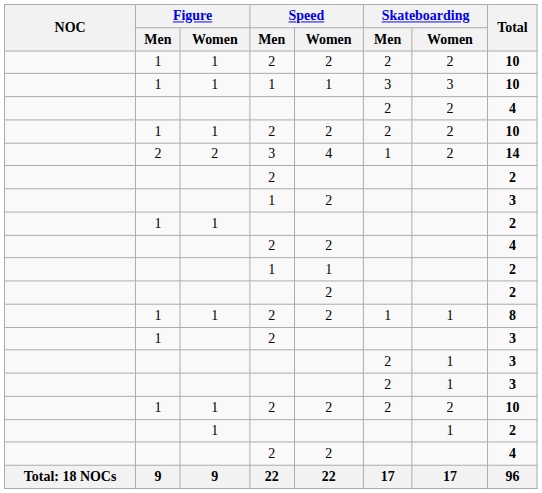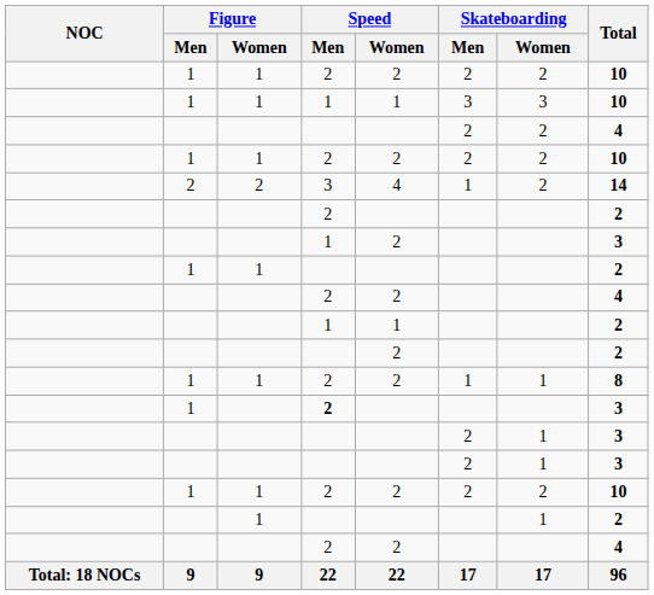 <table class="wikitable" width=550 style="text-align:center; font-size:90%">
 <tr>
 <th rowspan="2" align="left">NOC</th>
 <th colspan="2"><a href='#'>Figure</a></th>
 <th colspan="2"><a href='#'>Speed</a></th>
 <th colspan="2"><a href='#'>Skateboarding</a></th>
 <th rowspan="2">Total</th>
 </tr>
 <tr>
 <th>Men</th>
 <th>Women</th>
 <th>Men</th>
 <th>Women</th>
 <th>Men</th>
 <th>Women</th>
 </tr>
 <tr>
 <td align="left"></td>
 <td>1</td>
 <td>1</td>
 <td>2</td>
 <td>2</td>
 <td>2</td>
 <td>2</td>
 <td><strong>10</strong></td>
 </tr>
 <tr>
 <td align="left"></td>
 <td>1</td>
 <td>1</td>
 <td>1</td>
 <td>1</td>
 <td>3</td>
 <td>3</td>
 <td><strong>10</strong></td>
 </tr>
 <tr>
 <td align="left"></td>
 <td></td>
 <td></td>
 <td></td>
 <td></td>
 <td>2</td>
 <td>2</td>
 <td><strong>4</strong></td>
 </tr>
 <tr>
 <td align="left"></td>
 <td>1</td>
 <td>1</td>
 <td>2</td>
 <td>2</td>
 <td>2</td>
 <td>2</td>
 <td><strong>10</strong></td>
 </tr>
 <tr>
 <td align="left"></td>
 <td>2</td>
 <td>2</td>
 <td>3</td>
 <td>4</td>
 <td>1</td>
 <td>2</td>
 <td><strong>14</strong></td>
 </tr>
 <tr>
 <td align="left"></td>
 <td></td>
 <td></td>
 <td>2</td>
 <td></td>
 <td></td>
 <td></td>
 <td><strong>2</strong></td>
 </tr>
 <tr>
 <td align="left"></td>
 <td></td>
 <td></td>
 <td>1</td>
 <td>2</td>
 <td></td>
 <td></td>
 <td><strong>3</strong></td>
 </tr>
 <tr>
 <td align="left"></td>
 <td>1</td>
 <td>1</td>
 <td></td>
 <td></td>
 <td></td>
 <td></td>
 <td><strong>2</strong></td>
 </tr>
 <tr>
 <td align="left"></td>
 <td></td>
 <td></td>
 <td>2</td>
 <td>2</td>
 <td></td>
 <td></td>
 <td><strong>4</strong></td>
 </tr>
 <tr>
 <td align="left"></td>
 <td></td>
 <td></td>
 <td>1</td>
 <td>1</td>
 <td></td>
 <td></td>
 <td><strong>2</strong></td>
 </tr>
 <tr>
 <td align="left"></td>
 <td></td>
 <td></td>
 <td></td>
 <td>2</td>
 <td></td>
 <td></td>
 <td><strong>2</strong></td>
 </tr>
 <tr>
 <td align="left"></td>
 <td>1</td>
 <td>1</td>
 <td>2</td>
 <td>2</td>
 <td>1</td>
 <td>1</td>
 <td><strong>8</strong></td>
 </tr>
 <tr>
 <td align="left"></td>
 <td>1</td>
 <td></td>
-<td>2</td>
+<td><strong>2</strong></td>
 <td></td>
 <td></td>
 <td></td>
 <td><strong>3</strong></td>
 </tr>
 <tr>
 <td align="left"></td>
 <td></td>
 <td></td>
 <td></td>
 <td></td>
 <td>2</td>
 <td>1</td>
 <td><strong>3</strong></td>
 </tr>
 <tr>
 <td align="left"></td>
 <td></td>
 <td></td>
 <td></td>
 <td></td>
 <td>2</td>
 <td>1</td>
 <td><strong>3</strong></td>
 </tr>
 <tr>
 <td align="left"></td>
 <td>1</td>
 <td>1</td>
 <td>2</td>
 <td>2</td>
 <td>2</td>
 <td>2</td>
 <td><strong>10</strong></td>
 </tr>
 <tr>
 <td align="left"></td>
 <td></td>
 <td>1</td>
 <td></td>
 <td></td>
 <td></td>
 <td>1</td>
 <td><strong>2</strong></td>
 </tr>
 <tr>
 <td align="left"></td>
 <td></td>
 <td></td>
 <td>2</td>
 <td>2</td>
 <td></td>
 <td></td>
 <td><strong>4</strong></td>
 </tr>
 <tr>
 <th>Total: 18 NOCs</th>
 <th>9</th>
 <th>9</th>
 <th>22</th>
 <th>22</th>
 <th>17</th>
 <th>17</th>
 <th>96</th>
 </tr>
 </table>
